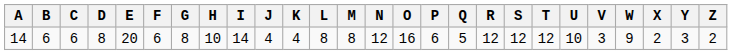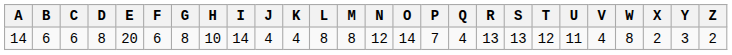 <table class="wikitable" style="text-align:center;width:100%;min-width:39em;max-width:52em;table-layout:fixed;">
 <tr>
 <th>A</th>
 <th>B</th>
 <th>C</th>
 <th>D</th>
 <th>E</th>
 <th>F</th>
 <th>G</th>
 <th>H</th>
 <th>I</th>
 <th>J</th>
 <th>K</th>
 <th>L</th>
 <th>M</th>
 <th>N</th>
 <th>O</th>
 <th>P</th>
 <th>Q</th>
 <th>R</th>
 <th>S</th>
 <th>T</th>
 <th>U</th>
 <th>V</th>
 <th>W</th>
 <th>X</th>
 <th>Y</th>
 <th>Z</th>
 </tr>
 <tr>
 <td>14</td>
 <td>6</td>
 <td>6</td>
 <td>8</td>
 <td>20</td>
 <td>6</td>
 <td>8</td>
 <td>10</td>
 <td>14</td>
 <td>4</td>
 <td>4</td>
 <td>8</td>
 <td>8</td>
 <td>12</td>
-<td>16</td>
-<td>6</td>
-<td>5</td>
+<td>14</td>
+<td>7</td>
+<td>4</td>
+<td>13</td>
+<td>13</td>
 <td>12</td>
-<td>12</td>
-<td>12</td>
-<td>10</td>
-<td>3</td>
-<td>9</td>
+<td>11</td>
+<td>4</td>
+<td>8</td>
 <td>2</td>
 <td>3</td>
 <td>2</td>
 </tr>
 </table>
